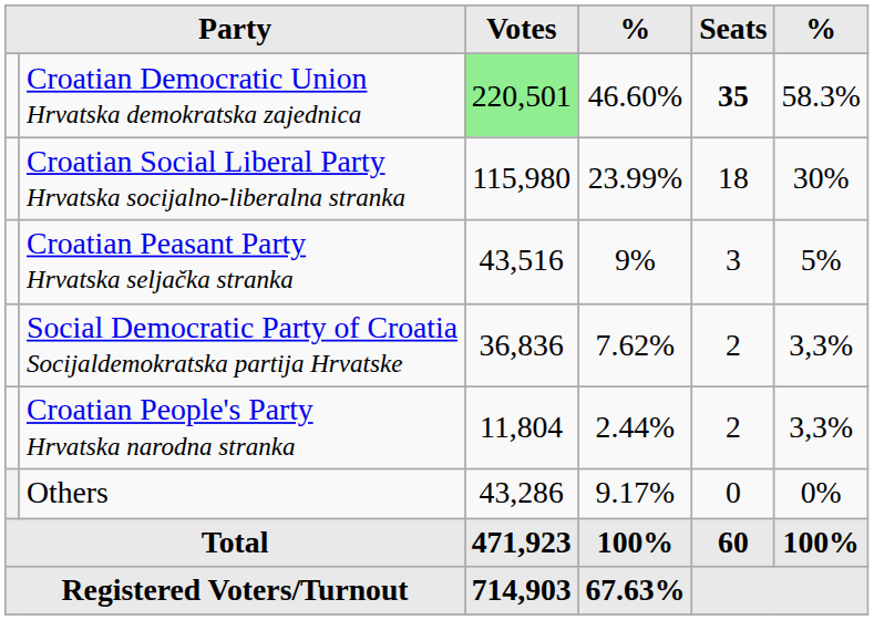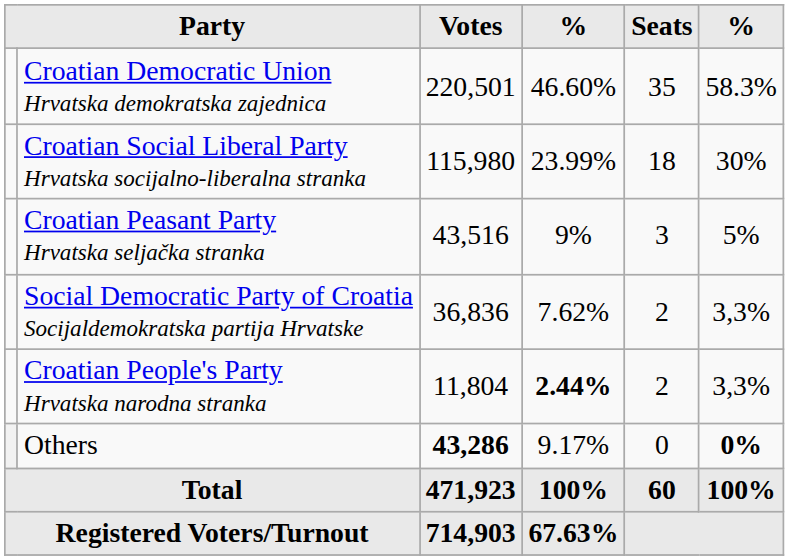 <table class="wikitable" border="1">
 <tr>
 <th style="background-color:#E9E9E9" align= center colspan="2">Party</th>
 <th style="background-color:#E9E9E9" align= center>Votes</th>
 <th style="background-color:#E9E9E9" align= center>%</th>
 <th style="background-color:#E9E9E9" align= center>Seats</th>
 <th style="background-color:#E9E9E9" align= center>%</th>
 </tr>
 <tr>
 <td bgcolor=></td>
 <td><a href='#'>Croatian Democratic Union</a><br><small><em>Hrvatska demokratska zajednica</em></small></td>
-<td align = center style="background: lightgreen;">220,501</td>
+<td align = center>220,501</td>
 <td align = center>46.60%</td>
-<td align = center><strong>35</strong></td>
+<td align = center>35</td>
 <td align = center>58.3%</td>
 </tr>
 <tr>
 <td bgcolor=></td>
 <td><a href='#'>Croatian Social Liberal Party</a><br><small><em>Hrvatska socijalno-liberalna stranka</em></small></td>
 <td align = center>115,980</td>
 <td align = center>23.99%</td>
 <td align = center>18</td>
 <td align = center>30%</td>
 </tr>
 <tr>
 <td bgcolor=></td>
 <td><a href='#'>Croatian Peasant Party</a><br><small><em>Hrvatska seljačka stranka</em></small></td>
 <td align = center>43,516</td>
 <td align = center>9%</td>
 <td align = center>3</td>
 <td align = center>5%</td>
 </tr>
 <tr>
 <td bgcolor=></td>
 <td><a href='#'>Social Democratic Party of Croatia</a><br><small><em>Socijaldemokratska partija Hrvatske</em></small></td>
 <td align = center>36,836</td>
 <td align = center>7.62%</td>
 <td align = center>2</td>
 <td align = center>3,3%</td>
 </tr>
 <tr>
 <td bgcolor=></td>
 <td><a href='#'>Croatian People's Party</a><br><small><em>Hrvatska narodna stranka</em></small></td>
 <td align = center>11,804</td>
-<td align = center>2.44%</td>
+<td align = center><strong>2.44%</strong></td>
 <td align = center>2</td>
 <td align = center>3,3%</td>
 </tr>
 <tr>
 <th></th>
 <td>Others</td>
-<td align = center>43,286</td>
+<td align = center><strong>43,286</strong></td>
 <td align = center>9.17%</td>
 <td align = center>0</td>
-<td align = center>0%</td>
+<td align = center><strong>0%</strong></td>
 </tr>
 <tr>
 <td colspan="2" align=center style="background-color:#E9E9E9"><strong>Total</strong></td>
 <td align=center style="background-color:#E9E9E9"><strong>471,923</strong></td>
 <td align=center style="background-color:#E9E9E9"><strong>100%</strong></td>
 <td align=center style="background-color:#E9E9E9"><strong>60</strong></td>
 <td align=center style="background-color:#E9E9E9"><strong>100%</strong></td>
 </tr>
 <tr>
 <td colspan="2" align=center style="background-color:#E9E9E9"><strong>Registered Voters/Turnout</strong></td>
 <td align=center style="background-color:#E9E9E9"><strong>714,903</strong></td>
 <td align=center style="background-color:#E9E9E9"><strong>67.63%</strong></td>
 <td colspan="4" align=center style="background-color:#E9E9E9"></td>
 </tr>
 </table>
